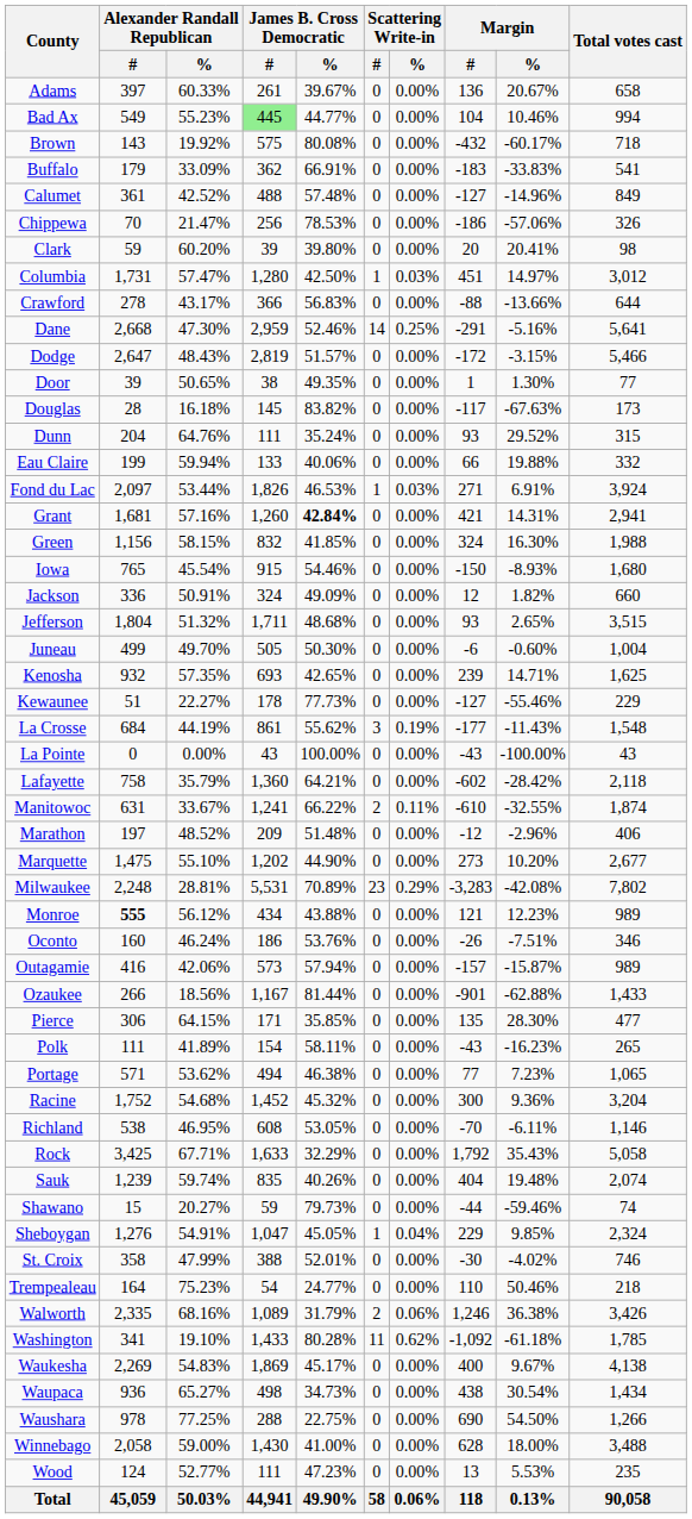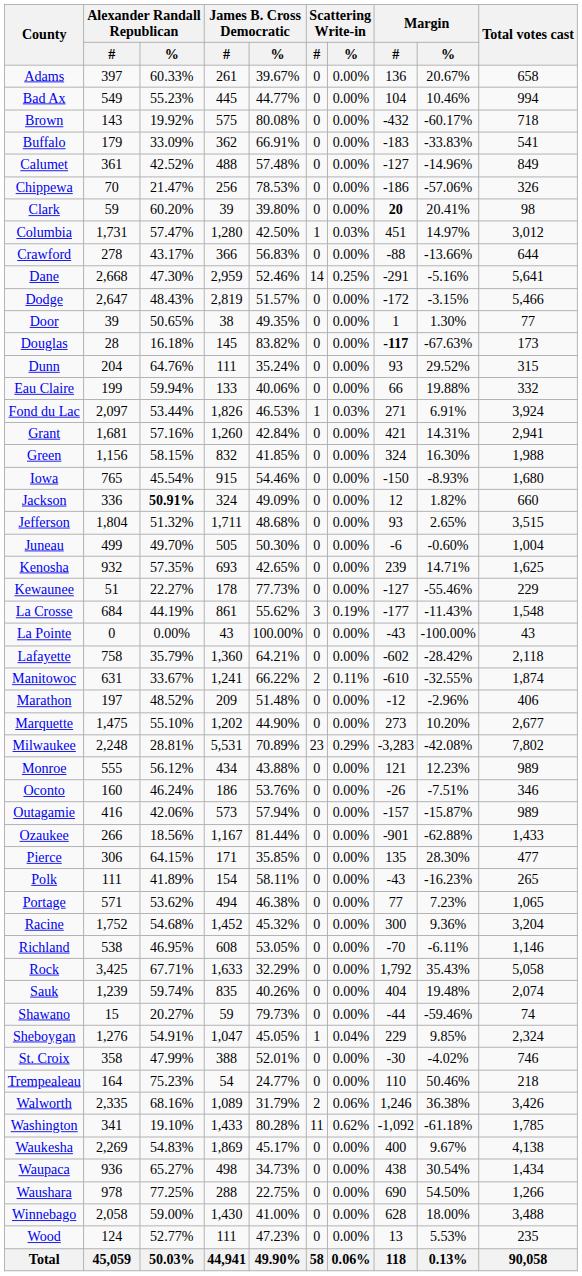 <table class="wikitable sortable" style="text-align:center">
 <tr>
 <th rowspan="2" style="text-align:center;">County</th>
 <th colspan="2" style="text-align:center;">Alexander Randall<br>Republican</th>
 <th colspan="2" style="text-align:center;">James B. Cross<br>Democratic</th>
 <th colspan="2" style="text-align:center;">Scattering<br>Write-in</th>
 <th colspan="2" style="text-align:center;">Margin</th>
 <th rowspan="2" style="text-align:center;">Total votes cast</th>
 </tr>
 <tr>
 <th style="text-align:center;" data-sort-type="number">#</th>
 <th style="text-align:center;" data-sort-type="number">%</th>
 <th style="text-align:center;" data-sort-type="number">#</th>
 <th style="text-align:center;" data-sort-type="number">%</th>
 <th style="text-align:center;" data-sort-type="number">#</th>
 <th style="text-align:center;" data-sort-type="number">%</th>
 <th style="text-align:center;" data-sort-type="number">#</th>
 <th style="text-align:center;" data-sort-type="number">%</th>
 </tr>
 <tr style="text-align:center;">
 <td><a href='#'>Adams</a></td>
 <td>397</td>
 <td>60.33%</td>
 <td>261</td>
 <td>39.67%</td>
 <td>0</td>
 <td>0.00%</td>
 <td>136</td>
 <td>20.67%</td>
 <td>658</td>
 </tr>
 <tr style="text-align:center;">
 <td><a href='#'>Bad Ax</a></td>
 <td>549</td>
 <td>55.23%</td>
-<td style="background: lightgreen;">445</td>
+<td>445</td>
 <td>44.77%</td>
 <td>0</td>
 <td>0.00%</td>
 <td>104</td>
 <td>10.46%</td>
 <td>994</td>
 </tr>
 <tr style="text-align:center;">
 <td><a href='#'>Brown</a></td>
 <td>143</td>
 <td>19.92%</td>
 <td>575</td>
 <td>80.08%</td>
 <td>0</td>
 <td>0.00%</td>
 <td>-432</td>
 <td>-60.17%</td>
 <td>718</td>
 </tr>
 <tr style="text-align:center;">
 <td><a href='#'>Buffalo</a></td>
 <td>179</td>
 <td>33.09%</td>
 <td>362</td>
 <td>66.91%</td>
 <td>0</td>
 <td>0.00%</td>
 <td>-183</td>
 <td>-33.83%</td>
 <td>541</td>
 </tr>
 <tr style="text-align:center;">
 <td><a href='#'>Calumet</a></td>
 <td>361</td>
 <td>42.52%</td>
 <td>488</td>
 <td>57.48%</td>
 <td>0</td>
 <td>0.00%</td>
 <td>-127</td>
 <td>-14.96%</td>
 <td>849</td>
 </tr>
 <tr style="text-align:center;">
 <td><a href='#'>Chippewa</a></td>
 <td>70</td>
 <td>21.47%</td>
 <td>256</td>
 <td>78.53%</td>
 <td>0</td>
 <td>0.00%</td>
 <td>-186</td>
 <td>-57.06%</td>
 <td>326</td>
 </tr>
 <tr style="text-align:center;">
 <td><a href='#'>Clark</a></td>
 <td>59</td>
 <td>60.20%</td>
 <td>39</td>
 <td>39.80%</td>
 <td>0</td>
 <td>0.00%</td>
-<td>20</td>
+<td><strong>20</strong></td>
 <td>20.41%</td>
 <td>98</td>
 </tr>
 <tr style="text-align:center;">
 <td><a href='#'>Columbia</a></td>
 <td>1,731</td>
 <td>57.47%</td>
 <td>1,280</td>
 <td>42.50%</td>
 <td>1</td>
 <td>0.03%</td>
 <td>451</td>
 <td>14.97%</td>
 <td>3,012</td>
 </tr>
 <tr style="text-align:center;">
 <td><a href='#'>Crawford</a></td>
 <td>278</td>
 <td>43.17%</td>
 <td>366</td>
 <td>56.83%</td>
 <td>0</td>
 <td>0.00%</td>
 <td>-88</td>
 <td>-13.66%</td>
 <td>644</td>
 </tr>
 <tr style="text-align:center;">
 <td><a href='#'>Dane</a></td>
 <td>2,668</td>
 <td>47.30%</td>
 <td>2,959</td>
 <td>52.46%</td>
 <td>14</td>
 <td>0.25%</td>
 <td>-291</td>
 <td>-5.16%</td>
 <td>5,641</td>
 </tr>
 <tr style="text-align:center;">
 <td><a href='#'>Dodge</a></td>
 <td>2,647</td>
 <td>48.43%</td>
 <td>2,819</td>
 <td>51.57%</td>
 <td>0</td>
 <td>0.00%</td>
 <td>-172</td>
 <td>-3.15%</td>
 <td>5,466</td>
 </tr>
 <tr style="text-align:center;">
 <td><a href='#'>Door</a></td>
 <td>39</td>
 <td>50.65%</td>
 <td>38</td>
 <td>49.35%</td>
 <td>0</td>
 <td>0.00%</td>
 <td>1</td>
 <td>1.30%</td>
 <td>77</td>
 </tr>
 <tr style="text-align:center;">
 <td><a href='#'>Douglas</a></td>
 <td>28</td>
 <td>16.18%</td>
 <td>145</td>
 <td>83.82%</td>
 <td>0</td>
 <td>0.00%</td>
-<td>-117</td>
+<td><strong>-117</strong></td>
 <td>-67.63%</td>
 <td>173</td>
 </tr>
 <tr style="text-align:center;">
 <td><a href='#'>Dunn</a></td>
 <td>204</td>
 <td>64.76%</td>
 <td>111</td>
 <td>35.24%</td>
 <td>0</td>
 <td>0.00%</td>
 <td>93</td>
 <td>29.52%</td>
 <td>315</td>
 </tr>
 <tr style="text-align:center;">
 <td><a href='#'>Eau Claire</a></td>
 <td>199</td>
 <td>59.94%</td>
 <td>133</td>
 <td>40.06%</td>
 <td>0</td>
 <td>0.00%</td>
 <td>66</td>
 <td>19.88%</td>
 <td>332</td>
 </tr>
 <tr style="text-align:center;">
 <td><a href='#'>Fond du Lac</a></td>
 <td>2,097</td>
 <td>53.44%</td>
 <td>1,826</td>
 <td>46.53%</td>
 <td>1</td>
 <td>0.03%</td>
 <td>271</td>
 <td>6.91%</td>
 <td>3,924</td>
 </tr>
 <tr style="text-align:center;">
 <td><a href='#'>Grant</a></td>
 <td>1,681</td>
 <td>57.16%</td>
 <td>1,260</td>
-<td><strong>42.84%</strong></td>
+<td>42.84%</td>
 <td>0</td>
 <td>0.00%</td>
 <td>421</td>
 <td>14.31%</td>
 <td>2,941</td>
 </tr>
 <tr style="text-align:center;">
 <td><a href='#'>Green</a></td>
 <td>1,156</td>
 <td>58.15%</td>
 <td>832</td>
 <td>41.85%</td>
 <td>0</td>
 <td>0.00%</td>
 <td>324</td>
 <td>16.30%</td>
 <td>1,988</td>
 </tr>
 <tr style="text-align:center;">
 <td><a href='#'>Iowa</a></td>
 <td>765</td>
 <td>45.54%</td>
 <td>915</td>
 <td>54.46%</td>
 <td>0</td>
 <td>0.00%</td>
 <td>-150</td>
 <td>-8.93%</td>
 <td>1,680</td>
 </tr>
 <tr style="text-align:center;">
 <td><a href='#'>Jackson</a></td>
 <td>336</td>
-<td>50.91%</td>
+<td><strong>50.91%</strong></td>
 <td>324</td>
 <td>49.09%</td>
 <td>0</td>
 <td>0.00%</td>
 <td>12</td>
 <td>1.82%</td>
 <td>660</td>
 </tr>
 <tr style="text-align:center;">
 <td><a href='#'>Jefferson</a></td>
 <td>1,804</td>
 <td>51.32%</td>
 <td>1,711</td>
 <td>48.68%</td>
 <td>0</td>
 <td>0.00%</td>
 <td>93</td>
 <td>2.65%</td>
 <td>3,515</td>
 </tr>
 <tr style="text-align:center;">
 <td><a href='#'>Juneau</a></td>
 <td>499</td>
 <td>49.70%</td>
 <td>505</td>
 <td>50.30%</td>
 <td>0</td>
 <td>0.00%</td>
 <td>-6</td>
 <td>-0.60%</td>
 <td>1,004</td>
 </tr>
 <tr style="text-align:center;">
 <td><a href='#'>Kenosha</a></td>
 <td>932</td>
 <td>57.35%</td>
 <td>693</td>
 <td>42.65%</td>
 <td>0</td>
 <td>0.00%</td>
 <td>239</td>
 <td>14.71%</td>
 <td>1,625</td>
 </tr>
 <tr style="text-align:center;">
 <td><a href='#'>Kewaunee</a></td>
 <td>51</td>
 <td>22.27%</td>
 <td>178</td>
 <td>77.73%</td>
 <td>0</td>
 <td>0.00%</td>
 <td>-127</td>
 <td>-55.46%</td>
 <td>229</td>
 </tr>
 <tr style="text-align:center;">
 <td><a href='#'>La Crosse</a></td>
 <td>684</td>
 <td>44.19%</td>
 <td>861</td>
 <td>55.62%</td>
 <td>3</td>
 <td>0.19%</td>
 <td>-177</td>
 <td>-11.43%</td>
 <td>1,548</td>
 </tr>
 <tr style="text-align:center;">
 <td><a href='#'>La Pointe</a></td>
 <td>0</td>
 <td>0.00%</td>
 <td>43</td>
 <td>100.00%</td>
 <td>0</td>
 <td>0.00%</td>
 <td>-43</td>
 <td>-100.00%</td>
 <td>43</td>
 </tr>
 <tr style="text-align:center;">
 <td><a href='#'>Lafayette</a></td>
 <td>758</td>
 <td>35.79%</td>
 <td>1,360</td>
 <td>64.21%</td>
 <td>0</td>
 <td>0.00%</td>
 <td>-602</td>
 <td>-28.42%</td>
 <td>2,118</td>
 </tr>
 <tr style="text-align:center;">
 <td><a href='#'>Manitowoc</a></td>
 <td>631</td>
 <td>33.67%</td>
 <td>1,241</td>
 <td>66.22%</td>
 <td>2</td>
 <td>0.11%</td>
 <td>-610</td>
 <td>-32.55%</td>
 <td>1,874</td>
 </tr>
 <tr style="text-align:center;">
 <td><a href='#'>Marathon</a></td>
 <td>197</td>
 <td>48.52%</td>
 <td>209</td>
 <td>51.48%</td>
 <td>0</td>
 <td>0.00%</td>
 <td>-12</td>
 <td>-2.96%</td>
 <td>406</td>
 </tr>
 <tr style="text-align:center;">
 <td><a href='#'>Marquette</a></td>
 <td>1,475</td>
 <td>55.10%</td>
 <td>1,202</td>
 <td>44.90%</td>
 <td>0</td>
 <td>0.00%</td>
 <td>273</td>
 <td>10.20%</td>
 <td>2,677</td>
 </tr>
 <tr style="text-align:center;">
 <td><a href='#'>Milwaukee</a></td>
 <td>2,248</td>
 <td>28.81%</td>
 <td>5,531</td>
 <td>70.89%</td>
 <td>23</td>
 <td>0.29%</td>
 <td>-3,283</td>
 <td>-42.08%</td>
 <td>7,802</td>
 </tr>
 <tr style="text-align:center;">
 <td><a href='#'>Monroe</a></td>
-<td><strong>555</strong></td>
+<td>555</td>
 <td>56.12%</td>
 <td>434</td>
 <td>43.88%</td>
 <td>0</td>
 <td>0.00%</td>
 <td>121</td>
 <td>12.23%</td>
 <td>989</td>
 </tr>
 <tr style="text-align:center;">
 <td><a href='#'>Oconto</a></td>
 <td>160</td>
 <td>46.24%</td>
 <td>186</td>
 <td>53.76%</td>
 <td>0</td>
 <td>0.00%</td>
 <td>-26</td>
 <td>-7.51%</td>
 <td>346</td>
 </tr>
 <tr style="text-align:center;">
 <td><a href='#'>Outagamie</a></td>
 <td>416</td>
 <td>42.06%</td>
 <td>573</td>
 <td>57.94%</td>
 <td>0</td>
 <td>0.00%</td>
 <td>-157</td>
 <td>-15.87%</td>
 <td>989</td>
 </tr>
 <tr style="text-align:center;">
 <td><a href='#'>Ozaukee</a></td>
 <td>266</td>
 <td>18.56%</td>
 <td>1,167</td>
 <td>81.44%</td>
 <td>0</td>
 <td>0.00%</td>
 <td>-901</td>
 <td>-62.88%</td>
 <td>1,433</td>
 </tr>
 <tr style="text-align:center;">
 <td><a href='#'>Pierce</a></td>
 <td>306</td>
 <td>64.15%</td>
 <td>171</td>
 <td>35.85%</td>
 <td>0</td>
 <td>0.00%</td>
 <td>135</td>
 <td>28.30%</td>
 <td>477</td>
 </tr>
 <tr style="text-align:center;">
 <td><a href='#'>Polk</a></td>
 <td>111</td>
 <td>41.89%</td>
 <td>154</td>
 <td>58.11%</td>
 <td>0</td>
 <td>0.00%</td>
 <td>-43</td>
 <td>-16.23%</td>
 <td>265</td>
 </tr>
 <tr style="text-align:center;">
 <td><a href='#'>Portage</a></td>
 <td>571</td>
 <td>53.62%</td>
 <td>494</td>
 <td>46.38%</td>
 <td>0</td>
 <td>0.00%</td>
 <td>77</td>
 <td>7.23%</td>
 <td>1,065</td>
 </tr>
 <tr style="text-align:center;">
 <td><a href='#'>Racine</a></td>
 <td>1,752</td>
 <td>54.68%</td>
 <td>1,452</td>
 <td>45.32%</td>
 <td>0</td>
 <td>0.00%</td>
 <td>300</td>
 <td>9.36%</td>
 <td>3,204</td>
 </tr>
 <tr style="text-align:center;">
 <td><a href='#'>Richland</a></td>
 <td>538</td>
 <td>46.95%</td>
 <td>608</td>
 <td>53.05%</td>
 <td>0</td>
 <td>0.00%</td>
 <td>-70</td>
 <td>-6.11%</td>
 <td>1,146</td>
 </tr>
 <tr style="text-align:center;">
 <td><a href='#'>Rock</a></td>
 <td>3,425</td>
 <td>67.71%</td>
 <td>1,633</td>
 <td>32.29%</td>
 <td>0</td>
 <td>0.00%</td>
 <td>1,792</td>
 <td>35.43%</td>
 <td>5,058</td>
 </tr>
 <tr style="text-align:center;">
 <td><a href='#'>Sauk</a></td>
 <td>1,239</td>
 <td>59.74%</td>
 <td>835</td>
 <td>40.26%</td>
 <td>0</td>
 <td>0.00%</td>
 <td>404</td>
 <td>19.48%</td>
 <td>2,074</td>
 </tr>
 <tr style="text-align:center;">
 <td><a href='#'>Shawano</a></td>
 <td>15</td>
 <td>20.27%</td>
 <td>59</td>
 <td>79.73%</td>
 <td>0</td>
 <td>0.00%</td>
 <td>-44</td>
 <td>-59.46%</td>
 <td>74</td>
 </tr>
 <tr style="text-align:center;">
 <td><a href='#'>Sheboygan</a></td>
 <td>1,276</td>
 <td>54.91%</td>
 <td>1,047</td>
 <td>45.05%</td>
 <td>1</td>
 <td>0.04%</td>
 <td>229</td>
 <td>9.85%</td>
 <td>2,324</td>
 </tr>
 <tr style="text-align:center;">
 <td><a href='#'>St. Croix</a></td>
 <td>358</td>
 <td>47.99%</td>
 <td>388</td>
 <td>52.01%</td>
 <td>0</td>
 <td>0.00%</td>
 <td>-30</td>
 <td>-4.02%</td>
 <td>746</td>
 </tr>
 <tr style="text-align:center;">
 <td><a href='#'>Trempealeau</a></td>
 <td>164</td>
 <td>75.23%</td>
 <td>54</td>
 <td>24.77%</td>
 <td>0</td>
 <td>0.00%</td>
 <td>110</td>
 <td>50.46%</td>
 <td>218</td>
 </tr>
 <tr style="text-align:center;">
 <td><a href='#'>Walworth</a></td>
 <td>2,335</td>
 <td>68.16%</td>
 <td>1,089</td>
 <td>31.79%</td>
 <td>2</td>
 <td>0.06%</td>
 <td>1,246</td>
 <td>36.38%</td>
 <td>3,426</td>
 </tr>
 <tr style="text-align:center;">
 <td><a href='#'>Washington</a></td>
 <td>341</td>
 <td>19.10%</td>
 <td>1,433</td>
 <td>80.28%</td>
 <td>11</td>
 <td>0.62%</td>
 <td>-1,092</td>
 <td>-61.18%</td>
 <td>1,785</td>
 </tr>
 <tr style="text-align:center;">
 <td><a href='#'>Waukesha</a></td>
 <td>2,269</td>
 <td>54.83%</td>
 <td>1,869</td>
 <td>45.17%</td>
 <td>0</td>
 <td>0.00%</td>
 <td>400</td>
 <td>9.67%</td>
 <td>4,138</td>
 </tr>
 <tr style="text-align:center;">
 <td><a href='#'>Waupaca</a></td>
 <td>936</td>
 <td>65.27%</td>
 <td>498</td>
 <td>34.73%</td>
 <td>0</td>
 <td>0.00%</td>
 <td>438</td>
 <td>30.54%</td>
 <td>1,434</td>
 </tr>
 <tr style="text-align:center;">
 <td><a href='#'>Waushara</a></td>
 <td>978</td>
 <td>77.25%</td>
 <td>288</td>
 <td>22.75%</td>
 <td>0</td>
 <td>0.00%</td>
 <td>690</td>
 <td>54.50%</td>
 <td>1,266</td>
 </tr>
 <tr style="text-align:center;">
 <td><a href='#'>Winnebago</a></td>
 <td>2,058</td>
 <td>59.00%</td>
 <td>1,430</td>
 <td>41.00%</td>
 <td>0</td>
 <td>0.00%</td>
 <td>628</td>
 <td>18.00%</td>
 <td>3,488</td>
 </tr>
 <tr style="text-align:center;">
 <td><a href='#'>Wood</a></td>
 <td>124</td>
 <td>52.77%</td>
 <td>111</td>
 <td>47.23%</td>
 <td>0</td>
 <td>0.00%</td>
 <td>13</td>
 <td>5.53%</td>
 <td>235</td>
 </tr>
 <tr>
 <th>Total</th>
 <th>45,059</th>
 <th>50.03%</th>
 <th>44,941</th>
 <th>49.90%</th>
 <th>58</th>
 <th>0.06%</th>
 <th>118</th>
 <th>0.13%</th>
 <th>90,058</th>
 </tr>
 </table>
